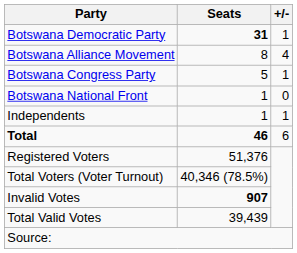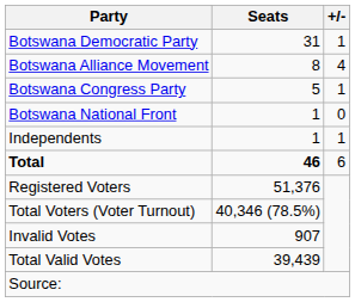 <table class=wikitable style=text-align:right>
 <tr>
 <th>Party</th>
 <th>Seats</th>
 <th>+/-</th>
 </tr>
 <tr>
 <td align=left><a href='#'>Botswana Democratic Party</a></td>
-<td><strong>31</strong></td>
+<td>31</td>
 <td>1</td>
 </tr>
 <tr>
 <td align=left><a href='#'>Botswana Alliance Movement</a></td>
 <td>8</td>
 <td>4</td>
 </tr>
 <tr>
 <td align=left><a href='#'>Botswana Congress Party</a></td>
 <td>5</td>
 <td>1</td>
 </tr>
 <tr>
 <td align=left><a href='#'>Botswana National Front</a></td>
 <td>1</td>
 <td>0</td>
 </tr>
 <tr>
 <td align=left>Independents</td>
 <td>1</td>
 <td>1</td>
 </tr>
 <tr>
 <td align=left><strong>Total</strong></td>
 <td><strong>46</strong></td>
 <td>6</td>
 </tr>
 <tr>
 <td align=left>Registered Voters</td>
 <td>51,376</td>
 </tr>
 <tr>
 <td align=left>Total Voters (Voter Turnout)</td>
 <td>40,346 (78.5%)</td>
 </tr>
 <tr>
 <td align=left>Invalid Votes</td>
-<td><strong>907</strong></td>
+<td>907</td>
 </tr>
 <tr>
 <td align=left>Total Valid Votes</td>
 <td>39,439</td>
 </tr>
 <tr>
 <td colspan=4 align=left>Source: </td>
 </tr>
 </table>
